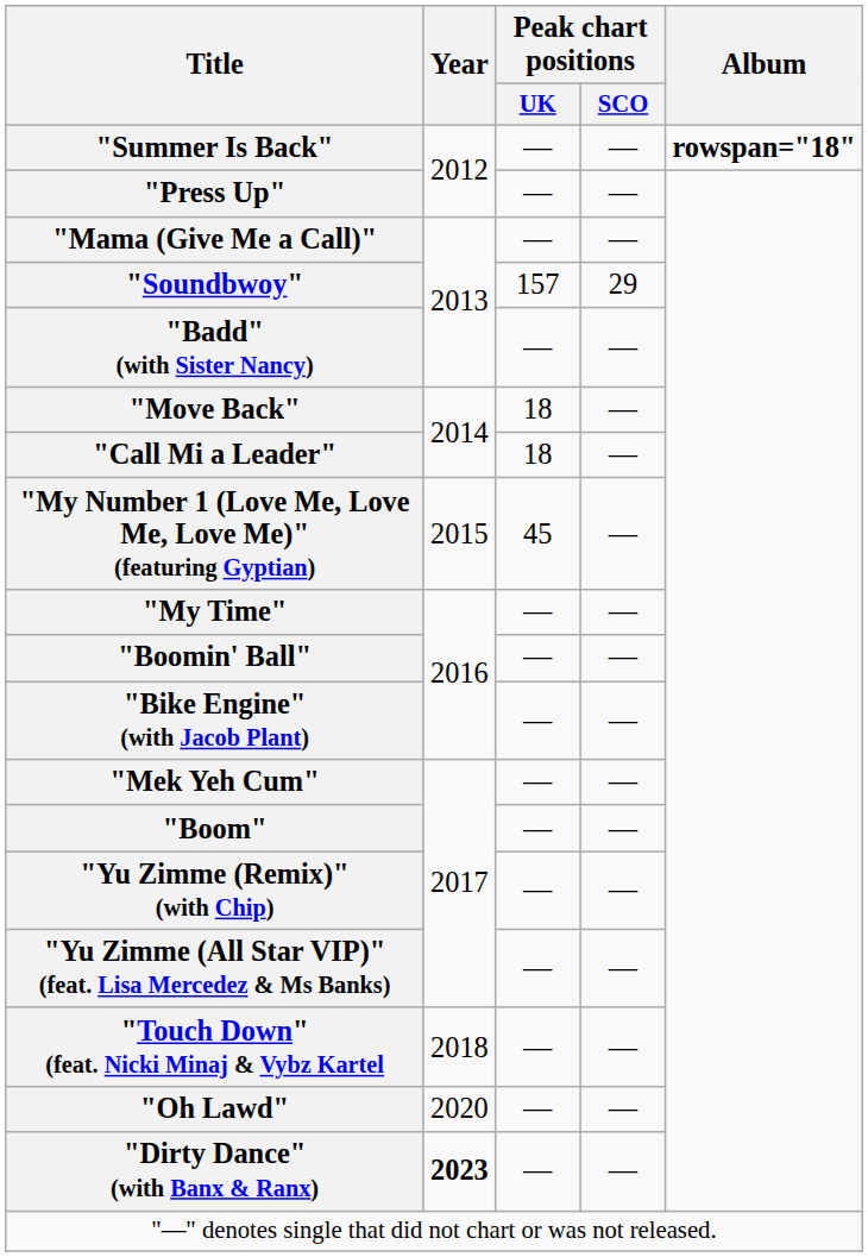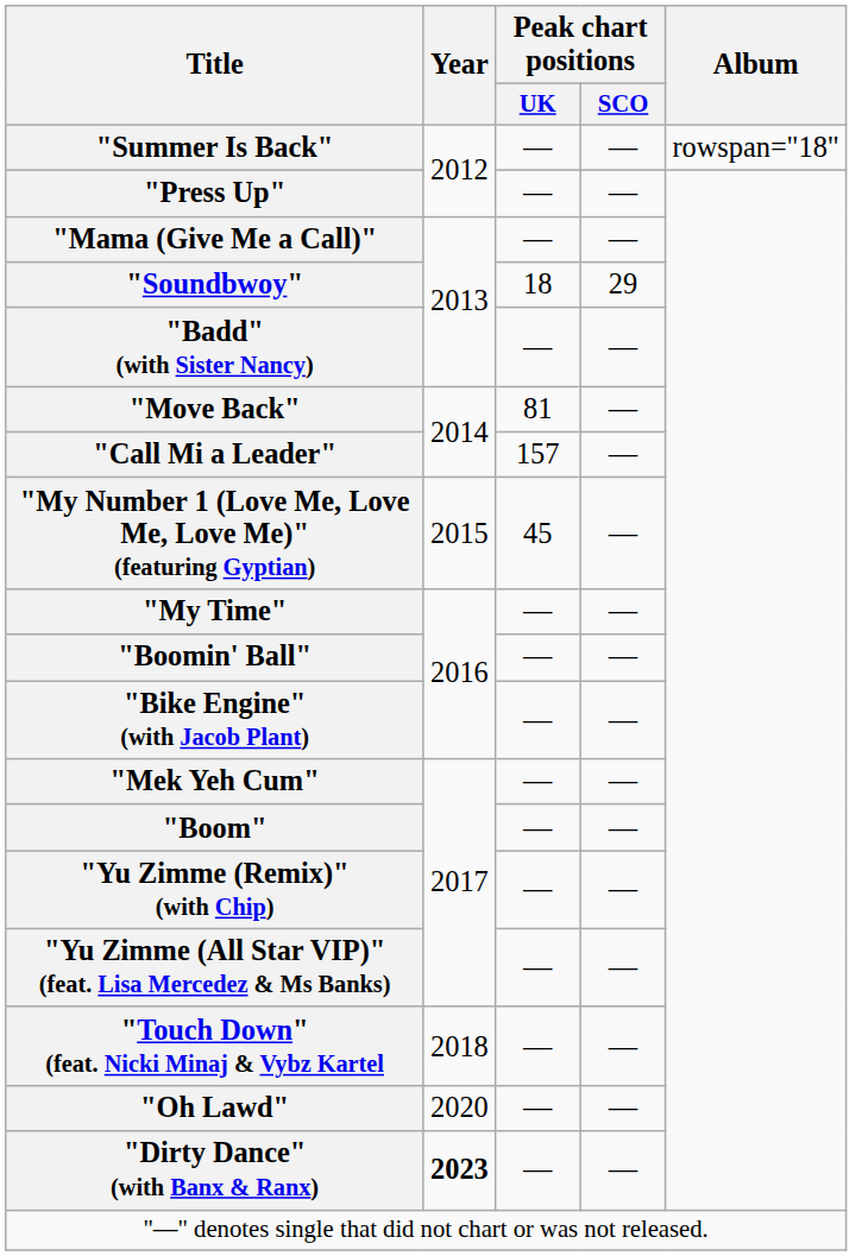 <table class="wikitable plainrowheaders" style="text-align:center;">
 <tr>
 <th scope="col" rowspan="2" style="width:14em;">Title</th>
 <th scope="col" rowspan="2" style="width:2em;">Year</th>
 <th scope="col" colspan="2">Peak chart positions</th>
 <th scope="col" rowspan="2">Album</th>
 </tr>
 <tr>
 <th scope="col" style="width:3em;font-size:85%;"><a href='#'>UK</a><br></th>
 <th scope="col" style="width:3em;font-size:85%;"><a href='#'>SCO</a><br></th>
 </tr>
 <tr>
 <th scope="row">"Summer Is Back"</th>
 <td rowspan="2">2012</td>
 <td>—</td>
 <td>—</td>
-<td><strong>rowspan="18" </strong></td>
+<td>rowspan="18" </td>
 </tr>
 <tr>
 <th scope="row">"Press Up"</th>
 <td>—</td>
 <td>—</td>
 </tr>
 <tr>
 <th scope="row">"Mama (Give Me a Call)"</th>
 <td rowspan="3">2013</td>
 <td>—</td>
 <td>—</td>
 </tr>
 <tr>
 <th scope="row">"<a href='#'>Soundbwoy</a>"</th>
-<td>157</td>
+<td>18</td>
 <td>29</td>
 </tr>
 <tr>
 <th scope="row">"Badd"<br><small>(with <a href='#'>Sister Nancy</a>)</small></th>
 <td>—</td>
 <td>—</td>
 </tr>
 <tr>
 <th scope="row">"Move Back"</th>
 <td rowspan="2">2014</td>
-<td>18</td>
+<td>81</td>
 <td>—</td>
 </tr>
 <tr>
 <th scope="row">"Call Mi a Leader"</th>
-<td>18</td>
+<td>157</td>
 <td>—</td>
 </tr>
 <tr>
 <th scope="row">"My Number 1 (Love Me, Love Me, Love Me)"<br><small>(featuring <a href='#'>Gyptian</a>)</small></th>
 <td>2015</td>
 <td>45</td>
 <td>—</td>
 </tr>
 <tr>
 <th scope="row">"My Time"</th>
 <td rowspan="3">2016</td>
 <td>—</td>
 <td>—</td>
 </tr>
 <tr>
 <th scope="row">"Boomin' Ball"</th>
 <td>—</td>
 <td>—</td>
 </tr>
 <tr>
 <th scope="row">"Bike Engine"<br><small>(with <a href='#'>Jacob Plant</a>)</small></th>
 <td>—</td>
 <td>—</td>
 </tr>
 <tr>
 <th scope="row">"Mek Yeh Cum"</th>
 <td rowspan="4">2017</td>
 <td>—</td>
 <td>—</td>
 </tr>
 <tr>
 <th scope="row">"Boom"</th>
 <td>—</td>
 <td>—</td>
 </tr>
 <tr>
 <th scope="row">"Yu Zimme (Remix)"<br><small>(with <a href='#'>Chip</a>)</small></th>
 <td>—</td>
 <td>—</td>
 </tr>
 <tr>
 <th scope="row">"Yu Zimme (All Star VIP)"<br><small>(feat. <a href='#'>Lisa Mercedez</a> & Ms Banks)</small></th>
 <td>—</td>
 <td>—</td>
 </tr>
 <tr>
 <th scope="row">"<a href='#'>Touch Down</a>"<br><small>(feat. <a href='#'>Nicki Minaj</a> & <a href='#'>Vybz Kartel</a></small></th>
 <td>2018</td>
 <td>—</td>
 <td>—</td>
 </tr>
 <tr>
 <th scope="row">"Oh Lawd"</th>
 <td>2020</td>
 <td>—</td>
 <td>—</td>
 </tr>
 <tr>
 <th scope="row">"Dirty Dance"<br><small>(with <a href='#'>Banx & Ranx</a>)</small></th>
 <td><strong>2023</strong></td>
 <td>—</td>
 <td>—</td>
 </tr>
 <tr>
 <td colspan="17" style="text-align:center; font-size:85%;">"—" denotes single that did not chart or was not released.</td>
 </tr>
 </table>
